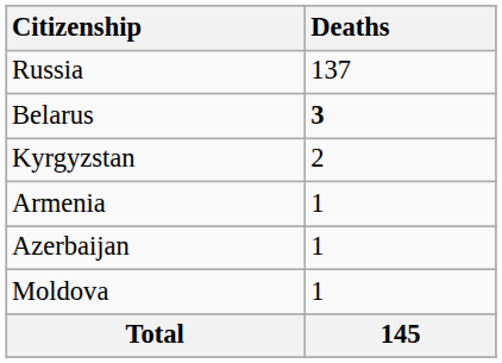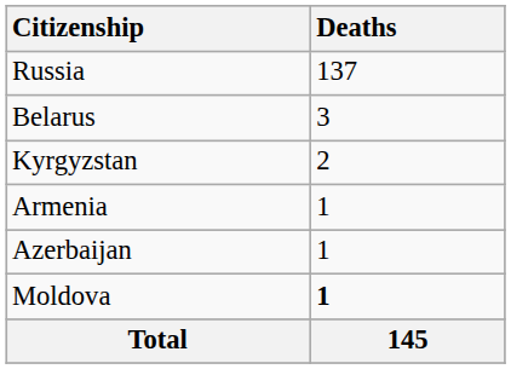 <table class="wikitable sortable floatright" style="font-size:86%; margin:0 0 1.5em 1.5em; width:20%">
 <tr>
 <th style="text-align:left;">Citizenship</th>
 <th style="text-align:left;">Deaths</th>
 </tr>
 <tr>
 <td style="text-align:left;">Russia</td>
 <td>137</td>
 </tr>
 <tr>
 <td style="text-align:left;">Belarus</td>
-<td><strong>3</strong></td>
+<td>3</td>
 </tr>
 <tr>
 <td style="text-align:left;">Kyrgyzstan</td>
 <td>2</td>
 </tr>
 <tr>
 <td style="text-align:left;">Armenia</td>
 <td>1</td>
 </tr>
 <tr>
 <td style="text-align:left;">Azerbaijan</td>
 <td>1</td>
 </tr>
 <tr>
 <td style="text-align:left;">Moldova</td>
-<td>1</td>
+<td><strong>1</strong></td>
 </tr>
 <tr class="sortbottom">
 <th>Total</th>
 <th>145</th>
 </tr>
 </table>
